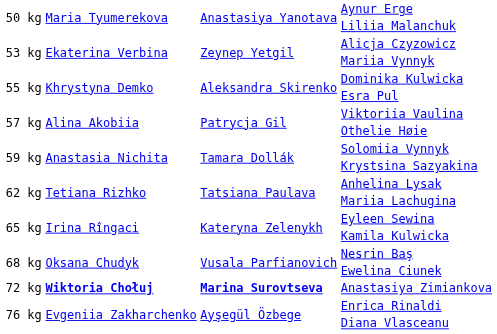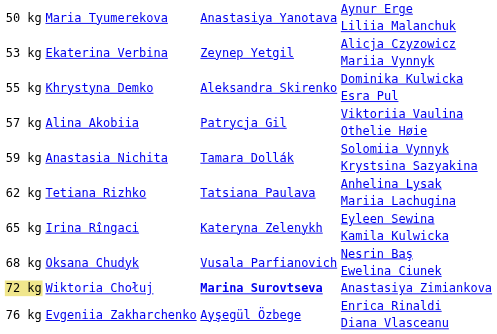 <table>
 <tr>
 <td rowspan=2>50 kg</td>
 <td rowspan=2> <a href='#'>Maria Tyumerekova</a></td>
 <td rowspan=2> <a href='#'>Anastasiya Yanotava</a></td>
 <td> <a href='#'>Aynur Erge</a></td>
 </tr>
 <tr>
 <td> <a href='#'>Liliia Malanchuk</a></td>
 </tr>
 <tr>
 <td rowspan=2>53 kg</td>
 <td rowspan=2> <a href='#'>Ekaterina Verbina</a></td>
 <td rowspan=2> <a href='#'>Zeynep Yetgil</a></td>
 <td> <a href='#'>Alicja Czyzowicz</a></td>
 </tr>
 <tr>
 <td> <a href='#'>Mariia Vynnyk</a></td>
 </tr>
 <tr>
 <td rowspan=2>55 kg</td>
 <td rowspan=2> <a href='#'>Khrystyna Demko</a></td>
 <td rowspan=2> <a href='#'>Aleksandra Skirenko</a></td>
 <td> <a href='#'>Dominika Kulwicka</a></td>
 </tr>
 <tr>
 <td> <a href='#'>Esra Pul</a></td>
 </tr>
 <tr>
 <td rowspan=2>57 kg</td>
 <td rowspan=2> <a href='#'>Alina Akobiia</a></td>
 <td rowspan=2> <a href='#'>Patrycja Gil</a></td>
 <td> <a href='#'>Viktoriia Vaulina</a></td>
 </tr>
 <tr>
 <td> <a href='#'>Othelie Høie</a></td>
 </tr>
 <tr>
 <td rowspan=2>59 kg</td>
 <td rowspan=2> <a href='#'>Anastasia Nichita</a></td>
 <td rowspan=2> <a href='#'>Tamara Dollák</a></td>
 <td> <a href='#'>Solomiia Vynnyk</a></td>
 </tr>
 <tr>
 <td> <a href='#'>Krystsina Sazyakina</a></td>
 </tr>
 <tr>
 <td rowspan=2>62 kg</td>
 <td rowspan=2> <a href='#'>Tetiana Rizhko</a></td>
 <td rowspan=2> <a href='#'>Tatsiana Paulava</a></td>
 <td> <a href='#'>Anhelina Lysak</a></td>
 </tr>
 <tr>
 <td> <a href='#'>Mariia Lachugina</a></td>
 </tr>
 <tr>
 <td rowspan=2>65 kg</td>
 <td rowspan=2> <a href='#'>Irina Rîngaci</a></td>
 <td rowspan=2> <a href='#'>Kateryna Zelenykh</a></td>
 <td> <a href='#'>Eyleen Sewina</a></td>
 </tr>
 <tr>
 <td> <a href='#'>Kamila Kulwicka</a></td>
 </tr>
 <tr>
 <td rowspan=2>68 kg</td>
 <td rowspan=2> <a href='#'>Oksana Chudyk</a></td>
 <td rowspan=2> <a href='#'>Vusala Parfianovich</a></td>
 <td> <a href='#'>Nesrin Baş</a></td>
 </tr>
 <tr>
 <td> <a href='#'>Ewelina Ciunek</a></td>
 </tr>
 <tr>
-<td>72 kg</td>
-<td><strong> <a href='#'>Wiktoria Chołuj</a></strong></td>
+<td style="background: khaki;">72 kg</td>
+<td> <a href='#'>Wiktoria Chołuj</a></td>
 <td><strong> <a href='#'>Marina Surovtseva</a></strong></td>
 <td> <a href='#'>Anastasiya Zimiankova</a></td>
 </tr>
 <tr>
 <td rowspan=2>76 kg</td>
 <td rowspan=2> <a href='#'>Evgeniia Zakharchenko</a></td>
 <td rowspan=2> <a href='#'>Ayşegül Özbege</a></td>
 <td> <a href='#'>Enrica Rinaldi</a></td>
 </tr>
 <tr>
 <td> <a href='#'>Diana Vlasceanu</a></td>
 </tr>
 </table>
